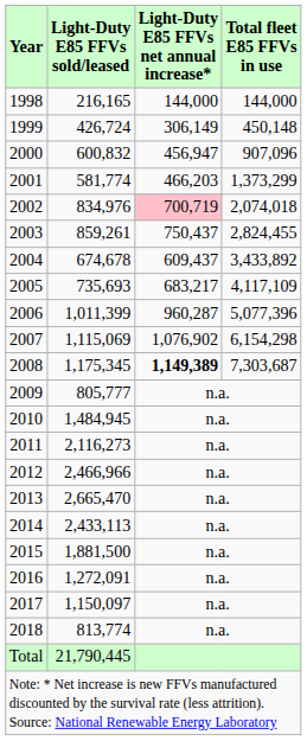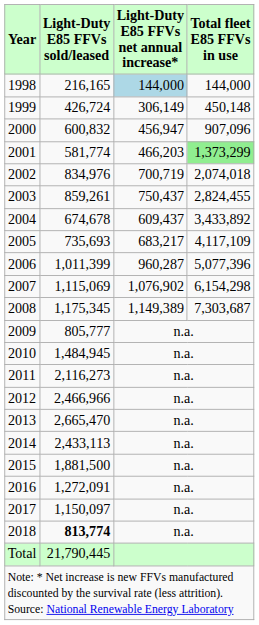 <table class="wikitable" style="float:right;">
 <tr>
 <th style="background:#cfc;">Year</th>
 <th style="background:#cfc;">Light-Duty<br>E85 FFVs  <br> sold/leased</th>
 <th style="background:#cfc;">Light-Duty<br>E85 FFVs <br> net annual<br>increase* <br></th>
 <th style="background:#cfc;">Total fleet<br>E85 FFVs<br>in use</th>
 </tr>
 <tr style="text-align:right;">
 <td style="text-align:center;">1998</td>
 <td>216,165</td>
-<td>144,000</td>
+<td style="background: lightblue;">144,000</td>
 <td>144,000</td>
 </tr>
 <tr style="text-align:right;">
 <td style="text-align:center;">1999</td>
 <td>426,724</td>
 <td>306,149</td>
 <td>450,148</td>
 </tr>
 <tr style="text-align:right;">
 <td style="text-align:center;">2000</td>
 <td>600,832</td>
 <td>456,947</td>
 <td>907,096</td>
 </tr>
 <tr style="text-align:right;">
 <td style="text-align:center;">2001</td>
 <td>581,774</td>
 <td>466,203</td>
-<td>1,373,299</td>
+<td style="background: lightgreen;">1,373,299</td>
 </tr>
 <tr style="text-align:right;">
 <td style="text-align:center;">2002</td>
 <td>834,976</td>
-<td style="background: pink;">700,719</td>
+<td>700,719</td>
 <td>2,074,018</td>
 </tr>
 <tr style="text-align:right;">
 <td style="text-align:center;">2003</td>
 <td>859,261</td>
 <td>750,437</td>
 <td>2,824,455</td>
 </tr>
 <tr style="text-align:right;">
 <td style="text-align:center;">2004</td>
 <td>674,678</td>
 <td>609,437</td>
 <td>3,433,892</td>
 </tr>
 <tr style="text-align:right;">
 <td style="text-align:center;">2005</td>
 <td>735,693</td>
 <td>683,217</td>
 <td>4,117,109</td>
 </tr>
 <tr style="text-align:right;">
 <td style="text-align:center;">2006</td>
 <td>1,011,399</td>
 <td>960,287</td>
 <td>5,077,396</td>
 </tr>
 <tr style="text-align:right;">
 <td style="text-align:center;">2007</td>
 <td>1,115,069</td>
 <td>1,076,902</td>
 <td>6,154,298</td>
 </tr>
 <tr style="text-align:right;">
 <td style="text-align:center;">2008</td>
 <td>1,175,345</td>
-<td><strong>1,149,389</strong></td>
+<td>1,149,389</td>
 <td>7,303,687</td>
 </tr>
 <tr style="text-align:right;">
 <td style="text-align:center;">2009</td>
 <td>805,777</td>
 <td colspan="2" style="text-align:center;">n.a.</td>
 </tr>
 <tr style="text-align:right;">
 <td style="text-align:center;">2010</td>
 <td>1,484,945</td>
 <td colspan="2" style="text-align:center;">n.a.</td>
 </tr>
 <tr style="text-align:right;">
 <td style="text-align:center;">2011</td>
 <td>2,116,273</td>
 <td colspan="2" style="text-align:center;">n.a.</td>
 </tr>
 <tr style="text-align:right;">
 <td style="text-align:center;">2012</td>
 <td>2,466,966</td>
 <td colspan="2" style="text-align:center;">n.a.</td>
 </tr>
 <tr style="text-align:right;">
 <td style="text-align:center;">2013</td>
 <td>2,665,470</td>
 <td colspan="2" style="text-align:center;">n.a.</td>
 </tr>
 <tr style="text-align:right;">
 <td style="text-align:center;">2014</td>
 <td>2,433,113</td>
 <td colspan="2" style="text-align:center;">n.a.</td>
 </tr>
 <tr style="text-align:right;">
 <td style="text-align:center;">2015</td>
 <td>1,881,500</td>
 <td colspan="2" style="text-align:center;">n.a.</td>
 </tr>
 <tr style="text-align:right;">
 <td style="text-align:center;">2016</td>
 <td>1,272,091</td>
 <td colspan="2" style="text-align:center;">n.a.</td>
 </tr>
 <tr style="text-align:right;">
 <td style="text-align:center;">2017</td>
 <td>1,150,097</td>
 <td colspan="2" style="text-align:center;">n.a.</td>
 </tr>
 <tr style="text-align:right;">
 <td style="text-align:center;">2018</td>
-<td>813,774</td>
+<td><strong>813,774</strong></td>
 <td colspan="2" style="text-align:center;">n.a.</td>
 </tr>
 <tr style="text-align:right; background:#cfc;">
 <td style="text-align:center; ">Total</td>
 <td style="background:#cfc;">21,790,445</td>
 <td style="background:#cfc;" colspan="2"></td>
 </tr>
 <tr>
 <td colspan="4"><small>Note: * Net increase is new FFVs manufactured<br> discounted by the survival rate (less attrition).<br> Source: <a href='#'>National Renewable Energy Laboratory</a> </small></td>
 </tr>
 </table>
